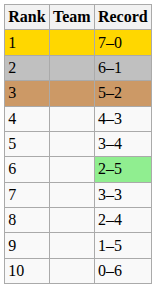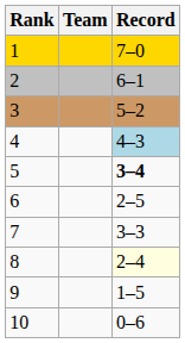 <table class="wikitable">
 <tr>
 <th>Rank</th>
 <th>Team</th>
 <th>Record</th>
 </tr>
 <tr bgcolor=gold>
 <td>1</td>
 <td></td>
 <td>7–0</td>
 </tr>
 <tr bgcolor=silver>
 <td>2</td>
 <td></td>
 <td>6–1</td>
 </tr>
 <tr>
 </tr>
 <tr bgcolor=cc9966>
 <td>3</td>
 <td></td>
 <td>5–2</td>
 </tr>
 <tr>
 <td>4</td>
 <td></td>
-<td>4–3</td>
+<td style="background: lightblue;">4–3</td>
 </tr>
 <tr>
 </tr>
 <tr>
 <td>5</td>
 <td></td>
-<td>3–4</td>
+<td><strong>3–4</strong></td>
 </tr>
 <tr>
 <td>6</td>
 <td></td>
-<td style="background: lightgreen;">2–5</td>
+<td>2–5</td>
 </tr>
 <tr>
 <td>7</td>
 <td></td>
 <td>3–3</td>
 </tr>
 <tr>
 <td>8</td>
 <td></td>
-<td>2–4</td>
+<td style="background: lightyellow;">2–4</td>
 </tr>
 <tr>
 </tr>
 <tr>
 <td>9</td>
 <td></td>
 <td>1–5</td>
 </tr>
 <tr>
 <td>10</td>
 <td></td>
 <td>0–6</td>
 </tr>
 </table>
